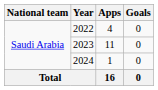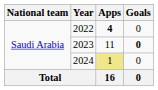 <table class="wikitable" style="text-align:center">
 <tr>
 <th>National team</th>
 <th>Year</th>
 <th>Apps</th>
 <th>Goals</th>
 </tr>
 <tr>
 <td rowspan="3"><a href='#'>Saudi Arabia</a></td>
 <td>2022</td>
-<td>4</td>
+<td><strong>4</strong></td>
 <td>0</td>
 </tr>
 <tr>
 <td>2023</td>
 <td>11</td>
-<td>0</td>
+<td><strong>0</strong></td>
 </tr>
 <tr>
 <td>2024</td>
-<td>1</td>
+<td style="background: khaki;">1</td>
 <td>0</td>
 </tr>
 <tr>
 <th colspan="2">Total</th>
 <th>16</th>
 <th>0</th>
 </tr>
 </table>
